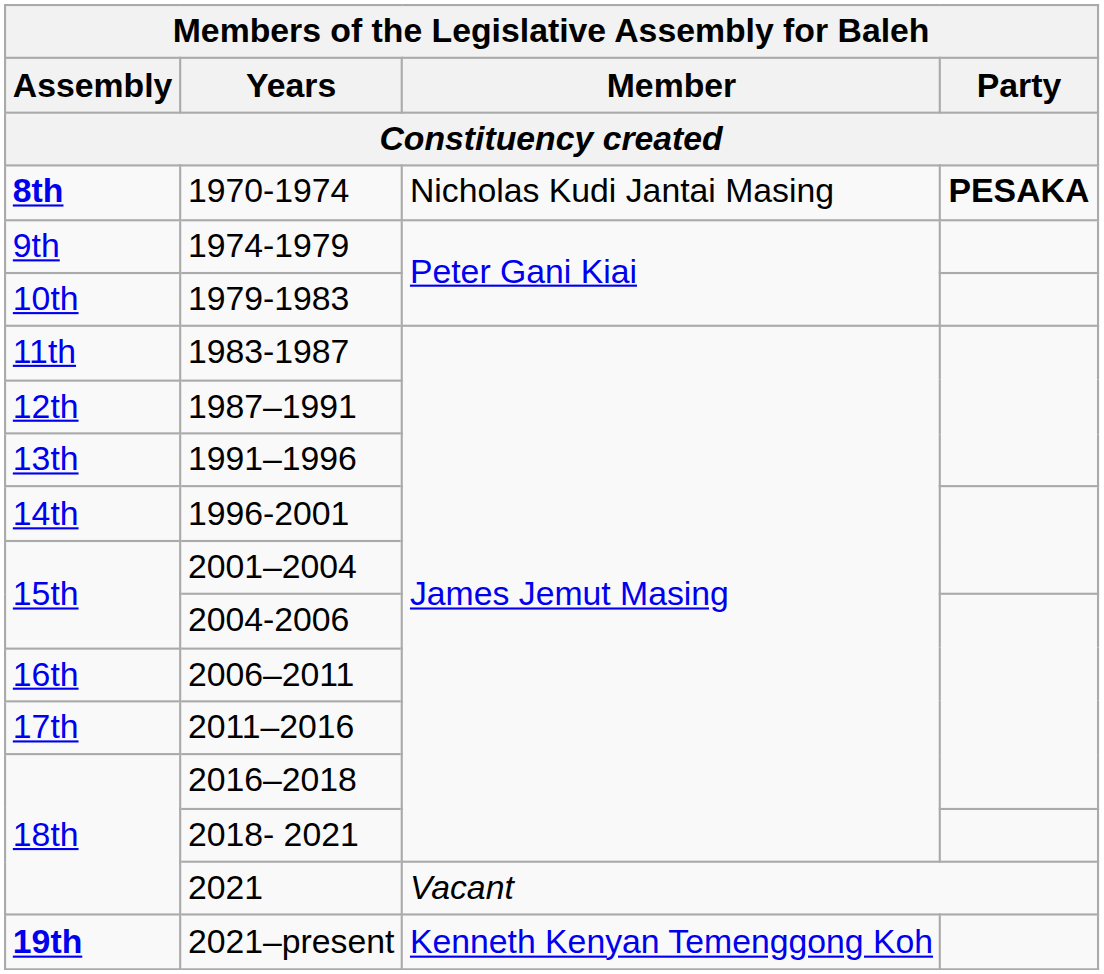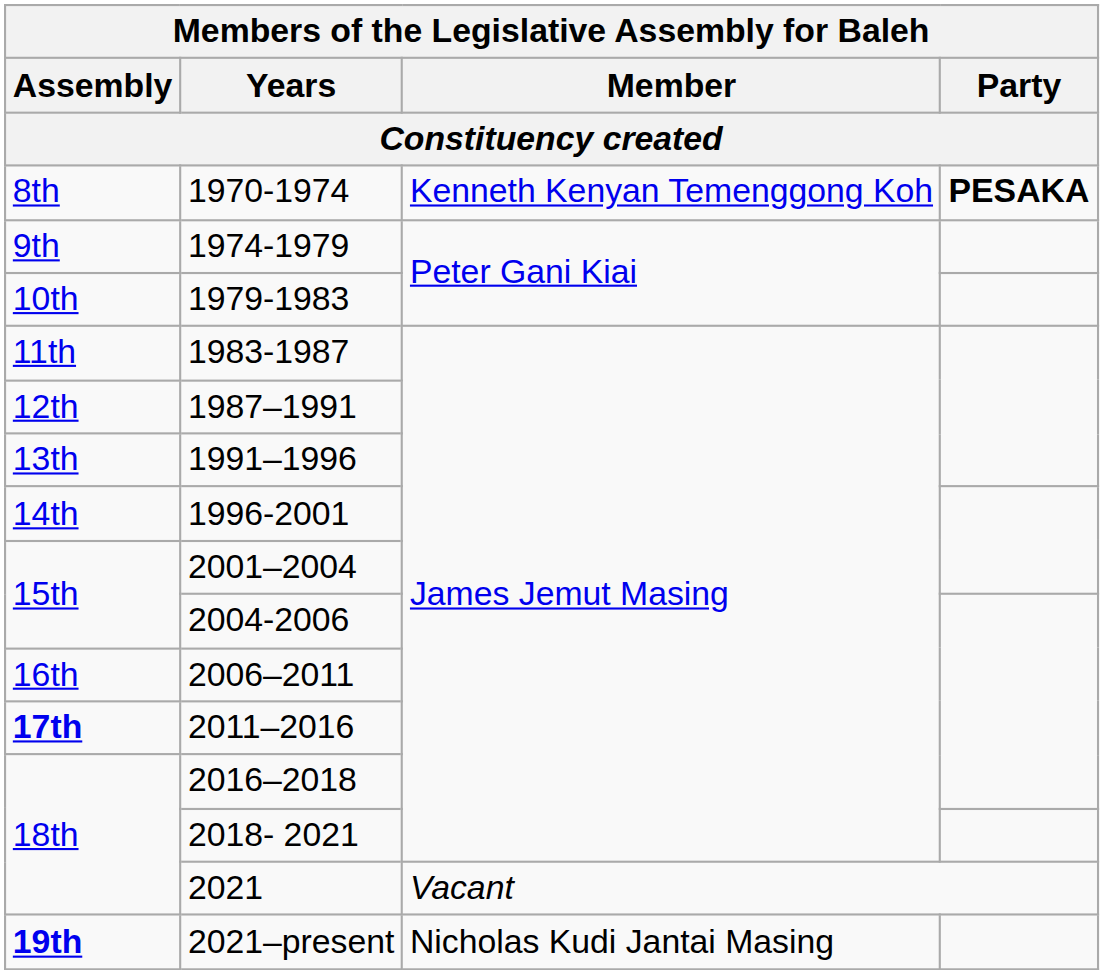 <table class=wikitable>
 <tr>
 <th colspan="4">Members of the Legislative Assembly for Baleh</th>
 </tr>
 <tr>
 <th>Assembly</th>
 <th>Years</th>
 <th>Member</th>
 <th>Party</th>
 </tr>
 <tr>
 <th colspan=4 align=center><em>Constituency created</em></th>
 </tr>
 <tr>
-<td><strong><a href='#'>8th</a></strong></td>
+<td><a href='#'>8th</a></td>
 <td>1970-1974</td>
-<td>Nicholas Kudi Jantai Masing</td>
+<td><a href='#'>Kenneth Kenyan Temenggong Koh</a></td>
 <td><strong>PESAKA</strong></td>
 </tr>
 <tr>
 <td><a href='#'>9th</a></td>
 <td>1974-1979</td>
 <td rowspan=2><a href='#'>Peter Gani Kiai</a></td>
 <td></td>
 </tr>
 <tr>
 <td><a href='#'>10th</a></td>
 <td>1979-1983</td>
 <td></td>
 </tr>
 <tr>
 <td><a href='#'>11th</a></td>
 <td>1983-1987</td>
 <td rowspan="10"><a href='#'>James Jemut Masing</a></td>
 <td rowspan=3></td>
 </tr>
 <tr>
 <td><a href='#'>12th</a></td>
 <td>1987–1991</td>
 </tr>
 <tr>
 <td><a href='#'>13th</a></td>
 <td>1991–1996</td>
 </tr>
 <tr>
 <td><a href='#'>14th</a></td>
 <td>1996-2001</td>
 <td rowspan=2></td>
 </tr>
 <tr>
 <td rowspan=2><a href='#'>15th</a></td>
 <td>2001–2004</td>
 </tr>
 <tr>
 <td>2004-2006</td>
 <td rowspan=4></td>
 </tr>
 <tr>
 <td><a href='#'>16th</a></td>
 <td>2006–2011</td>
 </tr>
 <tr>
-<td><a href='#'>17th</a></td>
+<td><strong><a href='#'>17th</a></strong></td>
 <td>2011–2016</td>
 </tr>
 <tr>
 <td rowspan="3"><a href='#'>18th</a></td>
 <td>2016–2018</td>
 </tr>
 <tr>
 <td>2018- 2021</td>
 <td></td>
 </tr>
 <tr>
 <td>2021</td>
 <td colspan="2"><em>Vacant</em></td>
 </tr>
 <tr>
 <td><strong><a href='#'>19th</a></strong></td>
 <td>2021–present</td>
-<td><a href='#'>Kenneth Kenyan Temenggong Koh</a></td>
+<td>Nicholas Kudi Jantai Masing</td>
 <td></td>
 </tr>
 </table>
